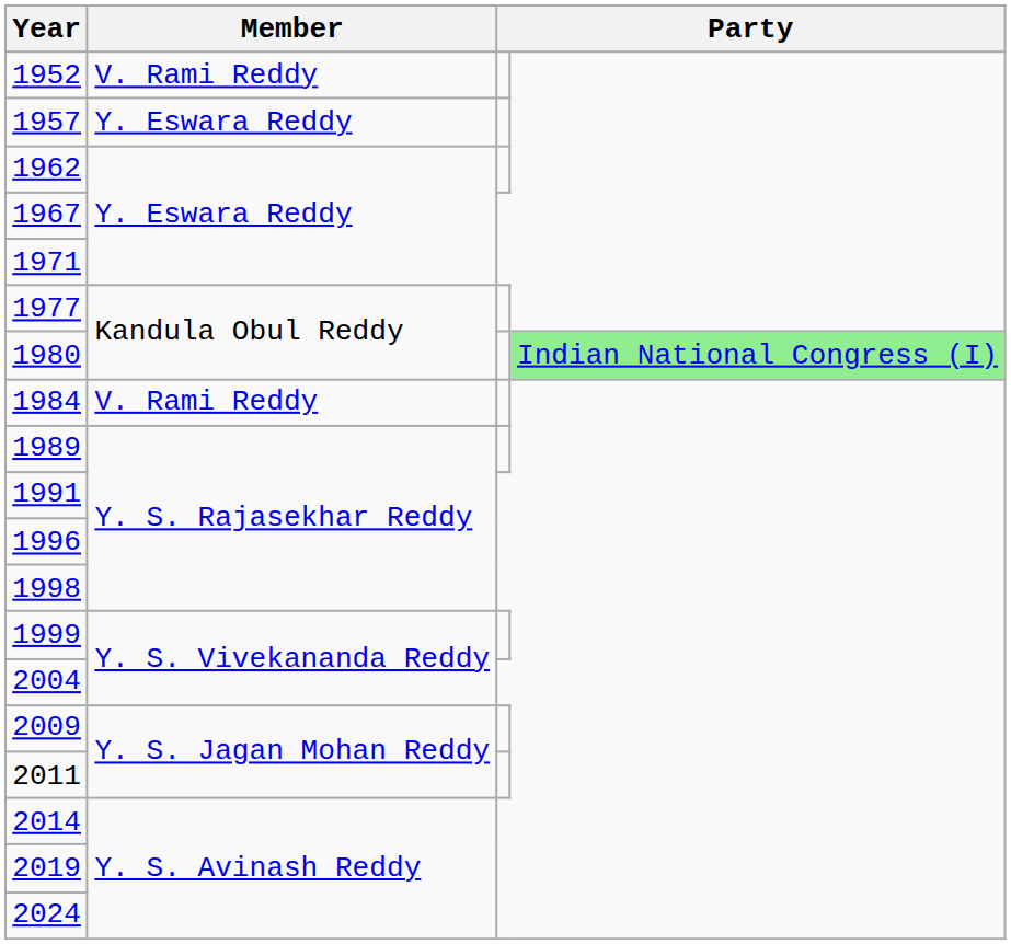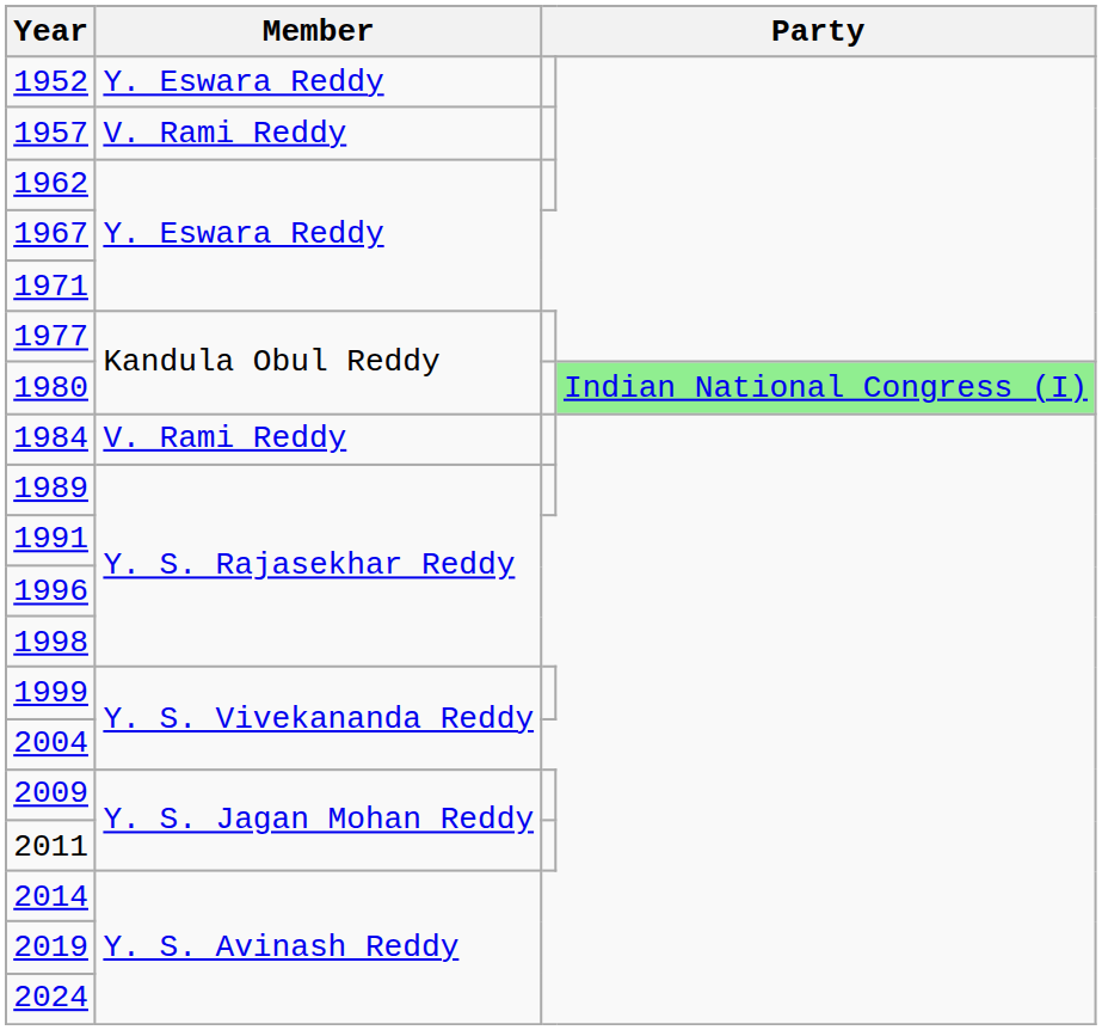 <table class="wikitable sortable">
 <tr>
 <th>Year</th>
 <th>Member</th>
 <th colspan="2">Party</th>
 </tr>
 <tr>
 <td><a href='#'>1952</a></td>
-<td><a href='#'>V. Rami Reddy</a></td>
+<td><a href='#'>Y. Eswara Reddy</a></td>
 <td></td>
 </tr>
 <tr>
 <td><a href='#'>1957</a></td>
-<td><a href='#'>Y. Eswara Reddy</a></td>
+<td><a href='#'>V. Rami Reddy</a></td>
 <td></td>
 </tr>
 <tr>
 <td><a href='#'>1962</a></td>
 <td rowspan="3"><a href='#'>Y. Eswara Reddy</a></td>
 <td></td>
 </tr>
 <tr>
 <td><a href='#'>1967</a></td>
 </tr>
 <tr>
 <td><a href='#'>1971</a></td>
 </tr>
 <tr>
 <td><a href='#'>1977</a></td>
 <td rowspan="2">Kandula Obul Reddy</td>
 <td></td>
 </tr>
 <tr>
 <td><a href='#'>1980</a></td>
 <td style="background-color: "></td>
 <td style="background: lightgreen;"><a href='#'>Indian National Congress (I)</a></td>
 </tr>
 <tr>
 <td><a href='#'>1984</a></td>
 <td><a href='#'>V. Rami Reddy</a></td>
 <td></td>
 </tr>
 <tr>
 <td><a href='#'>1989</a></td>
 <td rowspan="4"><a href='#'>Y. S. Rajasekhar Reddy</a></td>
 <td></td>
 </tr>
 <tr>
 <td><a href='#'>1991</a></td>
 </tr>
 <tr>
 <td><a href='#'>1996</a></td>
 </tr>
 <tr>
 <td><a href='#'>1998</a></td>
 </tr>
 <tr>
 <td><a href='#'>1999</a></td>
 <td rowspan="2"><a href='#'>Y. S. Vivekananda Reddy</a></td>
 <td></td>
 </tr>
 <tr>
 <td><a href='#'>2004</a></td>
 </tr>
 <tr>
 <td><a href='#'>2009</a></td>
 <td rowspan="2"><a href='#'>Y. S. Jagan Mohan Reddy</a></td>
 <td></td>
 </tr>
 <tr>
 <td>2011</td>
 <td></td>
 </tr>
 <tr>
 <td><a href='#'>2014</a></td>
 <td rowspan="3"><a href='#'>Y. S. Avinash Reddy</a></td>
 </tr>
 <tr>
 <td><a href='#'>2019</a></td>
 </tr>
 <tr>
 <td><a href='#'>2024</a></td>
 </tr>
 </table>
